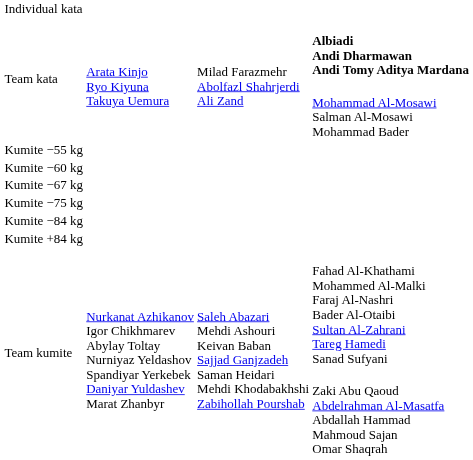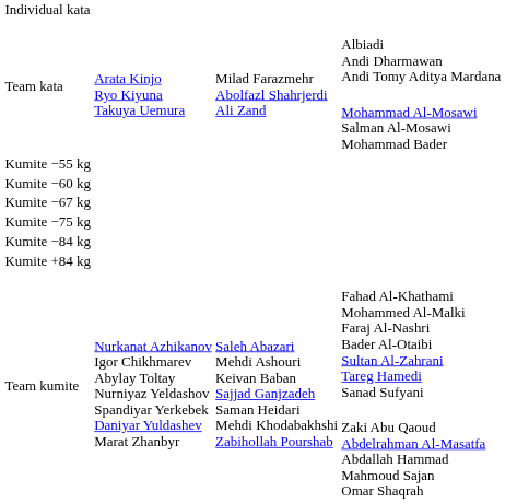 <table>
 <tr>
 <td rowspan=2>Individual kata</td>
 <td rowspan=2></td>
 <td rowspan=2></td>
 <td></td>
 </tr>
 <tr>
 <td></td>
 </tr>
 <tr>
 <td rowspan=2>Team kata</td>
 <td rowspan=2><br><a href='#'>Arata Kinjo</a><br><a href='#'>Ryo Kiyuna</a><br><a href='#'>Takuya Uemura</a></td>
 <td rowspan=2><br>Milad Farazmehr<br><a href='#'>Abolfazl Shahrjerdi</a><br><a href='#'>Ali Zand</a></td>
-<td><strong><br>Albiadi<br>Andi Dharmawan<br>Andi Tomy Aditya Mardana</strong></td>
+<td><br>Albiadi<br>Andi Dharmawan<br>Andi Tomy Aditya Mardana</td>
 </tr>
 <tr>
 <td><br><a href='#'>Mohammad Al-Mosawi</a><br>Salman Al-Mosawi<br>Mohammad Bader</td>
 </tr>
 <tr>
 <td rowspan=2>Kumite −55 kg</td>
 <td rowspan=2></td>
 <td rowspan=2></td>
 <td></td>
 </tr>
 <tr>
 <td></td>
 </tr>
 <tr>
 <td rowspan=2>Kumite −60 kg</td>
 <td rowspan=2></td>
 <td rowspan=2></td>
 <td></td>
 </tr>
 <tr>
 <td></td>
 </tr>
 <tr>
 <td rowspan=2>Kumite −67 kg</td>
 <td rowspan=2></td>
 <td rowspan=2></td>
 <td></td>
 </tr>
 <tr>
 <td></td>
 </tr>
 <tr>
 <td rowspan=2>Kumite −75 kg</td>
 <td rowspan=2></td>
 <td rowspan=2></td>
 <td></td>
 </tr>
 <tr>
 <td></td>
 </tr>
 <tr>
 <td rowspan=2>Kumite −84 kg</td>
 <td rowspan=2></td>
 <td rowspan=2></td>
 <td></td>
 </tr>
 <tr>
 <td></td>
 </tr>
 <tr>
 <td rowspan=2>Kumite +84 kg</td>
 <td rowspan=2></td>
 <td rowspan=2></td>
 <td></td>
 </tr>
 <tr>
 <td></td>
 </tr>
 <tr>
 <td rowspan=2>Team kumite</td>
 <td rowspan=2><br><a href='#'>Nurkanat Azhikanov</a><br>Igor Chikhmarev<br>Abylay Toltay<br>Nurniyaz Yeldashov<br>Spandiyar Yerkebek<br><a href='#'>Daniyar Yuldashev</a><br>Marat Zhanbyr</td>
 <td rowspan=2><br><a href='#'>Saleh Abazari</a><br>Mehdi Ashouri<br>Keivan Baban<br><a href='#'>Sajjad Ganjzadeh</a><br>Saman Heidari<br>Mehdi Khodabakhshi<br><a href='#'>Zabihollah Pourshab</a></td>
 <td><br>Fahad Al-Khathami<br>Mohammed Al-Malki<br>Faraj Al-Nashri<br>Bader Al-Otaibi<br><a href='#'>Sultan Al-Zahrani</a><br><a href='#'>Tareg Hamedi</a><br>Sanad Sufyani</td>
 </tr>
 <tr>
 <td><br>Zaki Abu Qaoud<br><a href='#'>Abdelrahman Al-Masatfa</a><br>Abdallah Hammad<br>Mahmoud Sajan<br>Omar Shaqrah</td>
 </tr>
 </table>
